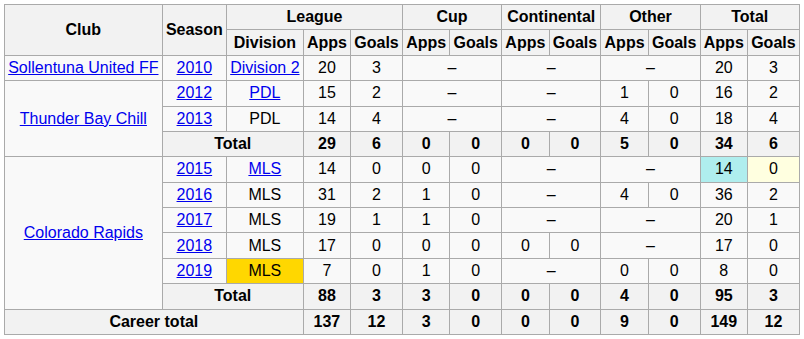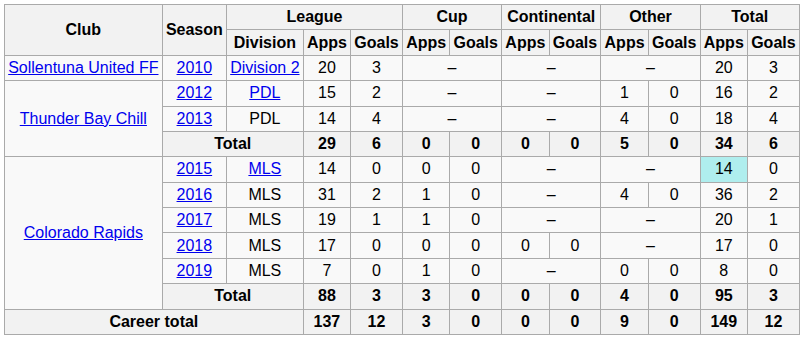 <table class="wikitable" style="text-align: center;">
 <tr>
 <th rowspan=2>Club</th>
 <th rowspan=2>Season</th>
 <th colspan=3>League</th>
 <th colspan=2>Cup</th>
 <th colspan=2>Continental</th>
 <th colspan=2>Other</th>
 <th colspan=2>Total</th>
 </tr>
 <tr>
 <th>Division</th>
 <th>Apps</th>
 <th>Goals</th>
 <th>Apps</th>
 <th>Goals</th>
 <th>Apps</th>
 <th>Goals</th>
 <th>Apps</th>
 <th>Goals</th>
 <th>Apps</th>
 <th>Goals</th>
 </tr>
 <tr>
 <td><a href='#'>Sollentuna United FF</a></td>
 <td><a href='#'>2010</a></td>
 <td><a href='#'>Division 2</a></td>
 <td>20</td>
 <td>3</td>
 <td colspan=2>–</td>
 <td colspan=2>–</td>
 <td colspan=2>–</td>
 <td>20</td>
 <td>3</td>
 </tr>
 <tr>
 <td rowspan=3><a href='#'>Thunder Bay Chill</a></td>
 <td><a href='#'>2012</a></td>
 <td><a href='#'>PDL</a></td>
 <td>15</td>
 <td>2</td>
 <td colspan=2>–</td>
 <td colspan=2>–</td>
 <td>1</td>
 <td>0</td>
 <td>16</td>
 <td>2</td>
 </tr>
 <tr>
 <td><a href='#'>2013</a></td>
 <td>PDL</td>
 <td>14</td>
 <td>4</td>
 <td colspan=2>–</td>
 <td colspan=2>–</td>
 <td>4</td>
 <td>0</td>
 <td>18</td>
 <td>4</td>
 </tr>
 <tr>
 <th colspan=2>Total</th>
 <th>29</th>
 <th>6</th>
 <th>0</th>
 <th>0</th>
 <th>0</th>
 <th>0</th>
 <th>5</th>
 <th>0</th>
 <th>34</th>
 <th>6</th>
 </tr>
 <tr>
 <td rowspan=6><a href='#'>Colorado Rapids</a></td>
 <td><a href='#'>2015</a></td>
 <td><a href='#'>MLS</a></td>
 <td>14</td>
 <td>0</td>
 <td>0</td>
 <td>0</td>
 <td colspan=2>–</td>
 <td colspan=2>–</td>
 <td style="background: paleturquoise;">14</td>
-<td style="background: lightyellow;">0</td>
+<td>0</td>
 </tr>
 <tr>
 <td><a href='#'>2016</a></td>
 <td>MLS</td>
 <td>31</td>
 <td>2</td>
 <td>1</td>
 <td>0</td>
 <td colspan=2>–</td>
 <td>4</td>
 <td>0</td>
 <td>36</td>
 <td>2</td>
 </tr>
 <tr>
 <td><a href='#'>2017</a></td>
 <td>MLS</td>
 <td>19</td>
 <td>1</td>
 <td>1</td>
 <td>0</td>
 <td colspan=2>–</td>
 <td colspan=2>–</td>
 <td>20</td>
 <td>1</td>
 </tr>
 <tr>
 <td><a href='#'>2018</a></td>
 <td>MLS</td>
 <td>17</td>
 <td>0</td>
 <td>0</td>
 <td>0</td>
 <td>0</td>
 <td>0</td>
 <td colspan=2>–</td>
 <td>17</td>
 <td>0</td>
 </tr>
 <tr>
 <td><a href='#'>2019</a></td>
-<td style="background: gold;">MLS</td>
+<td>MLS</td>
 <td>7</td>
 <td>0</td>
 <td>1</td>
 <td>0</td>
 <td colspan=2>–</td>
 <td>0</td>
 <td>0</td>
 <td>8</td>
 <td>0</td>
 </tr>
 <tr>
 <th colspan=2>Total</th>
 <th>88</th>
 <th>3</th>
 <th>3</th>
 <th>0</th>
 <th>0</th>
 <th>0</th>
 <th>4</th>
 <th>0</th>
 <th>95</th>
 <th>3</th>
 </tr>
 <tr>
 <th colspan=3>Career total</th>
 <th>137</th>
 <th>12</th>
 <th>3</th>
 <th>0</th>
 <th>0</th>
 <th>0</th>
 <th>9</th>
 <th>0</th>
 <th>149</th>
 <th>12</th>
 </tr>
 </table>
